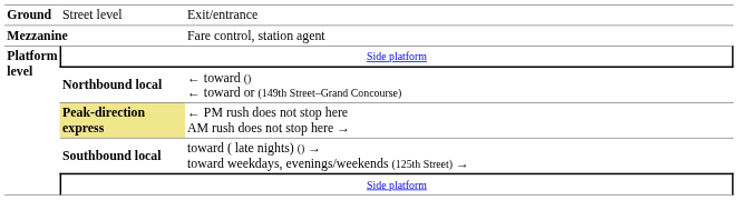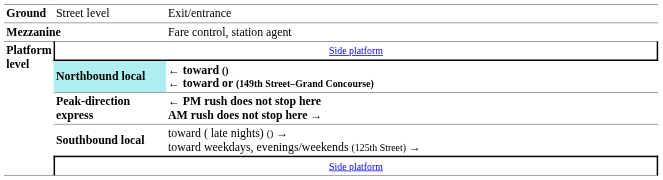 <table border="0" cellspacing="0" cellpadding="3" table>
 <tr>
 <td style="border-top:solid 1px gray;" width="50"><strong>Ground</strong></td>
 <td style="border-top:solid 1px gray;" width="150">Street level</td>
 <td style="border-top:solid 1px gray;" width="700">Exit/entrance</td>
 </tr>
 <tr>
 <td colspan="2" style="border-top:solid 1px gray;"><strong>Mezzanine</strong></td>
 <td style="border-top:solid 1px gray;">Fare control, station agent</td>
 </tr>
 <tr>
 <td rowspan="5" style="border-top:solid 1px gray;border-bottom:solid 1px gray;" valign="top"><strong>Platform level</strong></td>
 <td colspan="2" style="border-top:solid 1px gray;border-right:solid 2px black;border-left:solid 2px black;border-bottom:solid 2px black;text-align:center;"><small><a href='#'>Side platform</a></small></td>
 </tr>
 <tr>
-<td><span><strong>Northbound local</strong></span></td>
-<td>←  toward  <small>()</small><br>←  toward  or  <small>(149th Street–Grand Concourse)</small></td>
+<td style="background: paleturquoise;"><span><strong>Northbound local</strong></span></td>
+<td><strong>←  toward  <small>()</small><br>←  toward  or  <small>(149th Street–Grand Concourse)</small></strong></td>
 </tr>
 <tr>
-<td style="background: khaki; border-top:solid 1px gray;"><span><strong>Peak-direction express</strong></span></td>
-<td style="border-top:solid 1px gray;">←  PM rush does not stop here<br>  AM rush does not stop here →</td>
+<td style="border-top:solid 1px gray;"><span><strong>Peak-direction express</strong></span></td>
+<td style="border-top:solid 1px gray;"><strong>←  PM rush does not stop here<br>  AM rush does not stop here →</strong></td>
 </tr>
 <tr>
 <td style="border-top:solid 1px gray;"><span><strong>Southbound local</strong></span></td>
 <td style="border-top:solid 1px gray;">  toward  ( late nights) <small>()</small> →<br>  toward  weekdays,  evenings/weekends <small>(125th Street)</small> →</td>
 </tr>
 <tr>
 <td colspan="2" style="border-top:solid 2px black;border-right:solid 2px black;border-left:solid 2px black;border-bottom:solid 1px gray;text-align:center;"><small><a href='#'>Side platform</a></small></td>
 </tr>
 </table>
